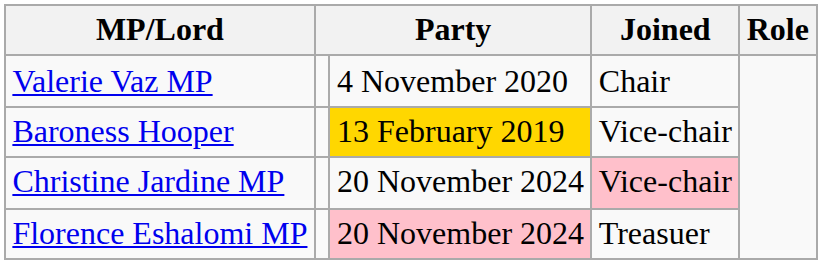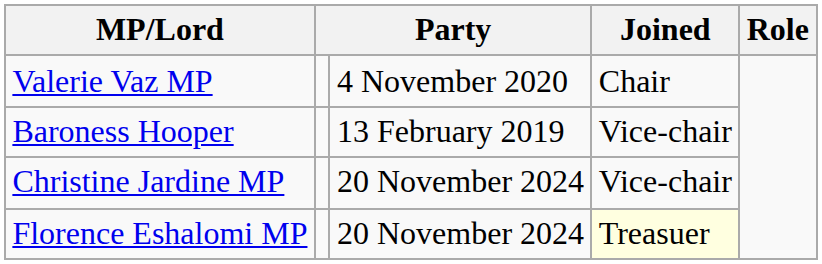 <table class="wikitable">
 <tr>
 <th>MP/Lord</th>
 <th colspan=2>Party</th>
 <th>Joined</th>
 <th>Role</th>
 </tr>
 <tr>
 <td><a href='#'>Valerie Vaz MP</a></td>
 <td></td>
 <td>4 November 2020</td>
 <td>Chair</td>
 </tr>
 <tr>
 <td><a href='#'>Baroness Hooper</a></td>
 <td></td>
-<td style="background: gold;">13 February 2019</td>
+<td>13 February 2019</td>
 <td>Vice-chair</td>
 </tr>
 <tr>
 <td><a href='#'>Christine Jardine MP</a></td>
 <td></td>
 <td>20 November 2024</td>
-<td style="background: pink;">Vice-chair</td>
+<td>Vice-chair</td>
 </tr>
 <tr>
 <td><a href='#'>Florence Eshalomi MP</a></td>
 <td></td>
-<td style="background: pink;">20 November 2024</td>
-<td>Treasuer</td>
+<td>20 November 2024</td>
+<td style="background: lightyellow;">Treasuer</td>
 </tr>
 </table>
